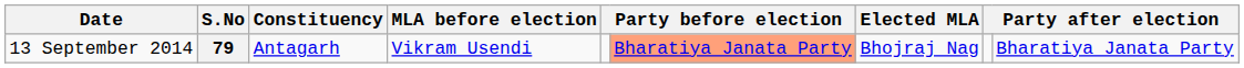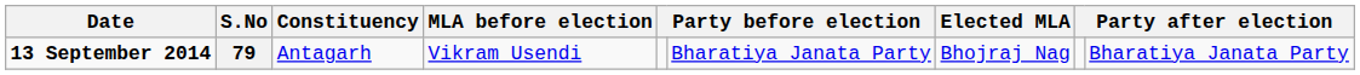 <table class="wikitable sortable">
 <tr>
 <th>Date</th>
 <th>S.No</th>
 <th>Constituency</th>
 <th>MLA before election</th>
 <th colspan="2">Party before election</th>
 <th>Elected MLA</th>
 <th colspan="2">Party after election</th>
 </tr>
 <tr>
-<td>13 September 2014</td>
+<td><strong>13 September 2014</strong></td>
 <th>79</th>
 <td><a href='#'>Antagarh</a></td>
 <td><a href='#'>Vikram Usendi</a></td>
 <td></td>
-<td style="background: lightsalmon;"><a href='#'>Bharatiya Janata Party</a></td>
+<td><a href='#'>Bharatiya Janata Party</a></td>
 <td><a href='#'>Bhojraj Nag</a></td>
 <td></td>
 <td><a href='#'>Bharatiya Janata Party</a></td>
 </tr>
 </table>
